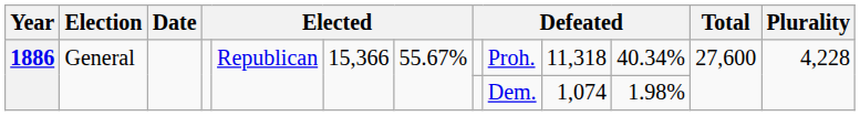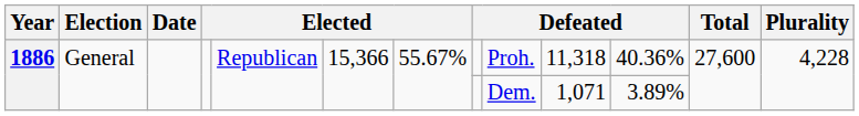 <table class=wikitable>
 <tr>
 <th>Year</th>
 <th>Election</th>
 <th>Date</th>
 <th ! colspan="4">Elected</th>
 <th ! colspan="4">Defeated</th>
 <th>Total</th>
 <th>Plurality</th>
 </tr>
 <tr>
 <th rowspan="2" valign="top"><a href='#'>1886</a></th>
 <td rowspan="2" valign="top">General</td>
 <td rowspan="2" valign="top"></td>
 <td rowspan="2" valign="top"></td>
 <td rowspan="2" valign="top" ><a href='#'>Republican</a></td>
 <td rowspan="2" valign="top" align="right">15,366</td>
 <td rowspan="2" valign="top" align="right">55.67%</td>
 <td valign="top"></td>
 <td valign="top" ><a href='#'>Proh.</a></td>
 <td valign="top" align="right">11,318</td>
-<td valign="top" align="right">40.34%</td>
+<td valign="top" align="right">40.36%</td>
 <td rowspan="2" valign="top" align="right">27,600</td>
 <td rowspan="2" valign="top" align="right">4,228</td>
 </tr>
 <tr>
 <td valign="top"></td>
 <td valign="top" ><a href='#'>Dem.</a></td>
-<td valign="top" align="right">1,074</td>
-<td valign="top" align="right">1.98%</td>
+<td valign="top" align="right">1,071</td>
+<td valign="top" align="right">3.89%</td>
 </tr>
 </table>
